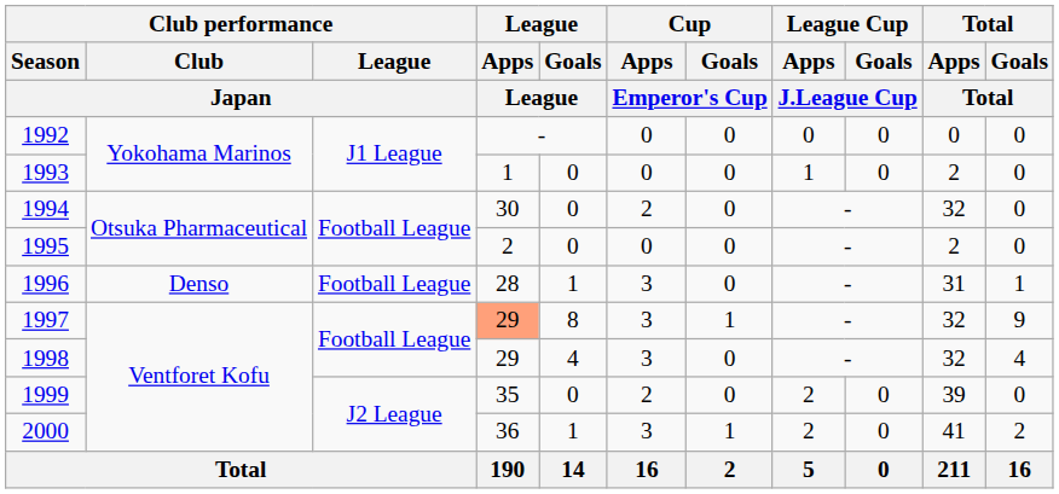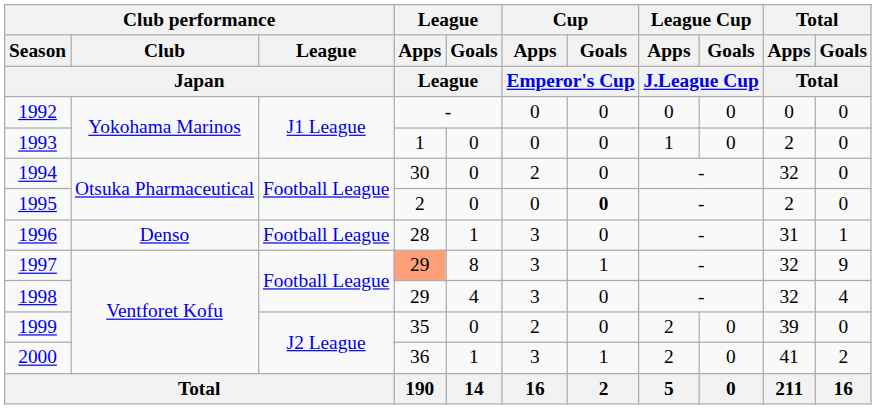 <table class="wikitable" style="text-align:center;">
 <tr>
 <th colspan=3>Club performance</th>
 <th colspan=2>League</th>
 <th colspan=2>Cup</th>
 <th colspan=2>League Cup</th>
 <th colspan=2>Total</th>
 </tr>
 <tr>
 <th>Season</th>
 <th>Club</th>
 <th>League</th>
 <th>Apps</th>
 <th>Goals</th>
 <th>Apps</th>
 <th>Goals</th>
 <th>Apps</th>
 <th>Goals</th>
 <th>Apps</th>
 <th>Goals</th>
 </tr>
 <tr>
 <th colspan=3>Japan</th>
 <th colspan=2>League</th>
 <th colspan=2><a href='#'>Emperor's Cup</a></th>
 <th colspan=2><a href='#'>J.League Cup</a></th>
 <th colspan=2>Total</th>
 </tr>
 <tr>
 <td><a href='#'>1992</a></td>
 <td rowspan="2"><a href='#'>Yokohama Marinos</a></td>
 <td rowspan="2"><a href='#'>J1 League</a></td>
 <td colspan="2">-</td>
 <td>0</td>
 <td>0</td>
 <td>0</td>
 <td>0</td>
 <td>0</td>
 <td>0</td>
 </tr>
 <tr>
 <td><a href='#'>1993</a></td>
 <td>1</td>
 <td>0</td>
 <td>0</td>
 <td>0</td>
 <td>1</td>
 <td>0</td>
 <td>2</td>
 <td>0</td>
 </tr>
 <tr>
 <td><a href='#'>1994</a></td>
 <td rowspan="2"><a href='#'>Otsuka Pharmaceutical</a></td>
 <td rowspan="2"><a href='#'>Football League</a></td>
 <td>30</td>
 <td>0</td>
 <td>2</td>
 <td>0</td>
 <td colspan="2">-</td>
 <td>32</td>
 <td>0</td>
 </tr>
 <tr>
 <td><a href='#'>1995</a></td>
 <td>2</td>
 <td>0</td>
 <td>0</td>
-<td>0</td>
+<td><strong>0</strong></td>
 <td colspan="2">-</td>
 <td>2</td>
 <td>0</td>
 </tr>
 <tr>
 <td><a href='#'>1996</a></td>
 <td><a href='#'>Denso</a></td>
 <td><a href='#'>Football League</a></td>
 <td>28</td>
 <td>1</td>
 <td>3</td>
 <td>0</td>
 <td colspan="2">-</td>
 <td>31</td>
 <td>1</td>
 </tr>
 <tr>
 <td><a href='#'>1997</a></td>
 <td rowspan="4"><a href='#'>Ventforet Kofu</a></td>
 <td rowspan="2"><a href='#'>Football League</a></td>
 <td style="background: lightsalmon;">29</td>
 <td>8</td>
 <td>3</td>
 <td>1</td>
 <td colspan="2">-</td>
 <td>32</td>
 <td>9</td>
 </tr>
 <tr>
 <td><a href='#'>1998</a></td>
 <td>29</td>
 <td>4</td>
 <td>3</td>
 <td>0</td>
 <td colspan="2">-</td>
 <td>32</td>
 <td>4</td>
 </tr>
 <tr>
 <td><a href='#'>1999</a></td>
 <td rowspan="2"><a href='#'>J2 League</a></td>
 <td>35</td>
 <td>0</td>
 <td>2</td>
 <td>0</td>
 <td>2</td>
 <td>0</td>
 <td>39</td>
 <td>0</td>
 </tr>
 <tr>
 <td><a href='#'>2000</a></td>
 <td>36</td>
 <td>1</td>
 <td>3</td>
 <td>1</td>
 <td>2</td>
 <td>0</td>
 <td>41</td>
 <td>2</td>
 </tr>
 <tr>
 <th colspan=3>Total</th>
 <th>190</th>
 <th>14</th>
 <th>16</th>
 <th>2</th>
 <th>5</th>
 <th>0</th>
 <th>211</th>
 <th>16</th>
 </tr>
 </table>
